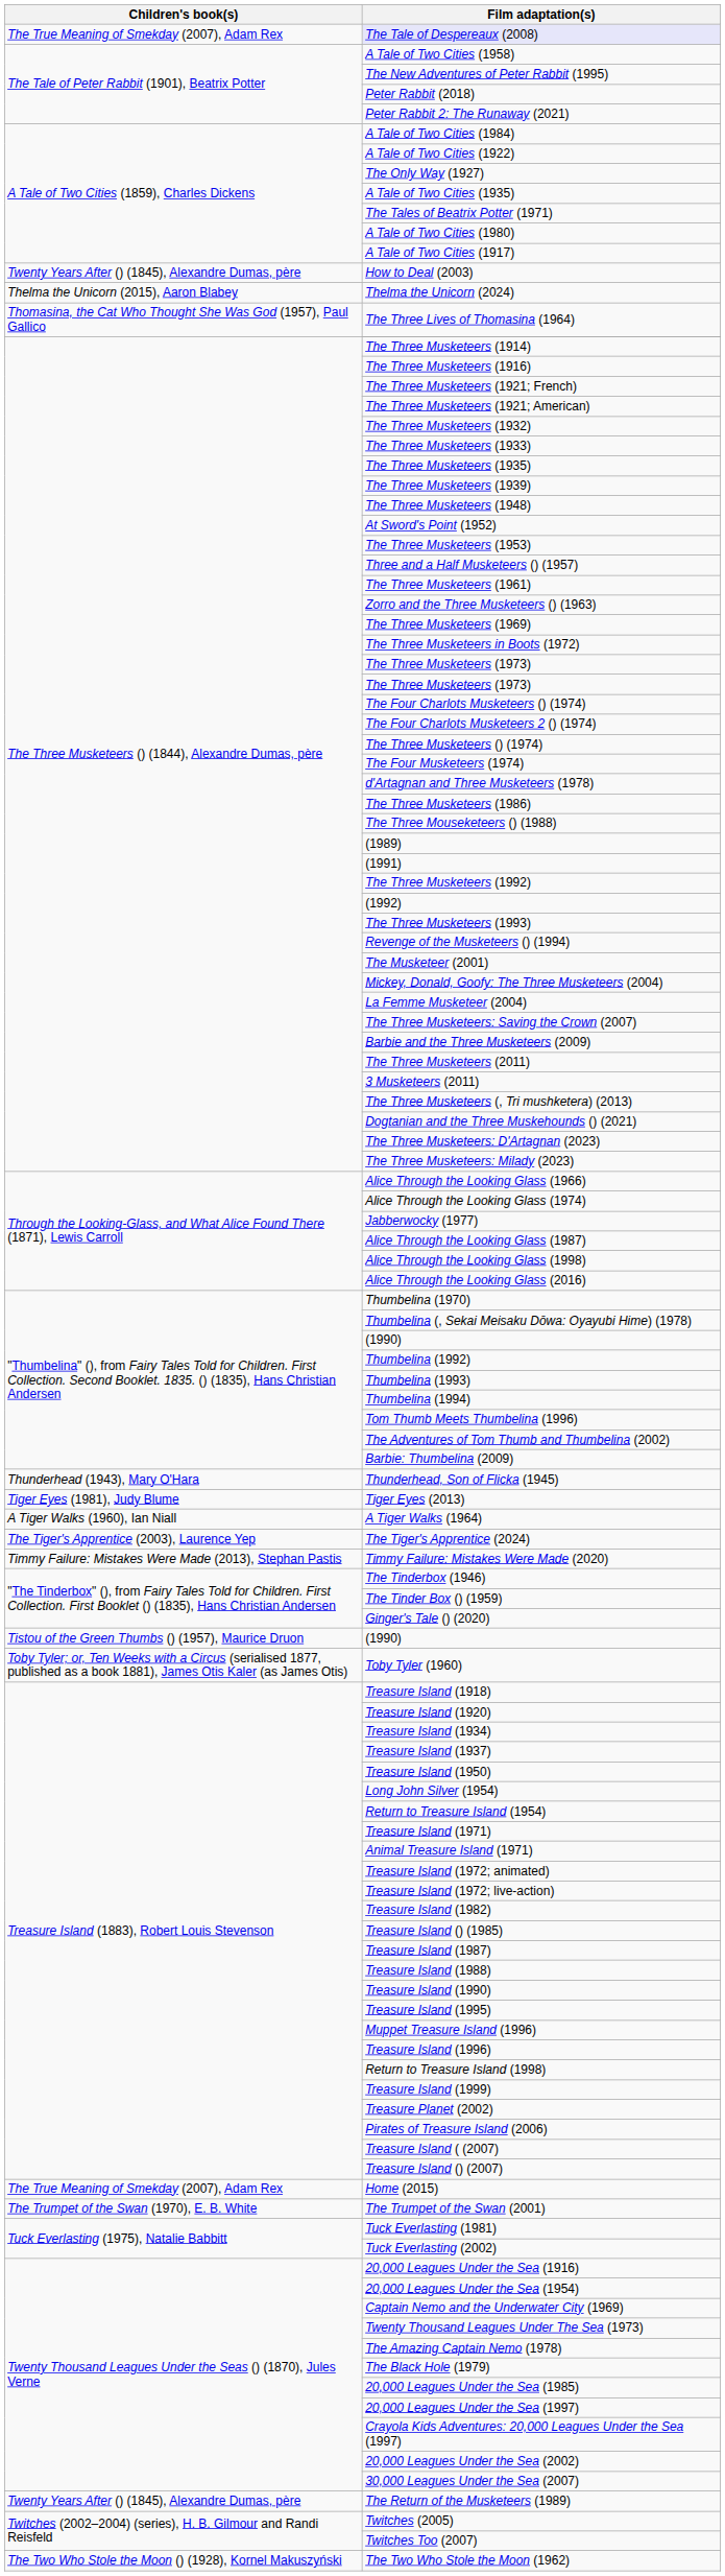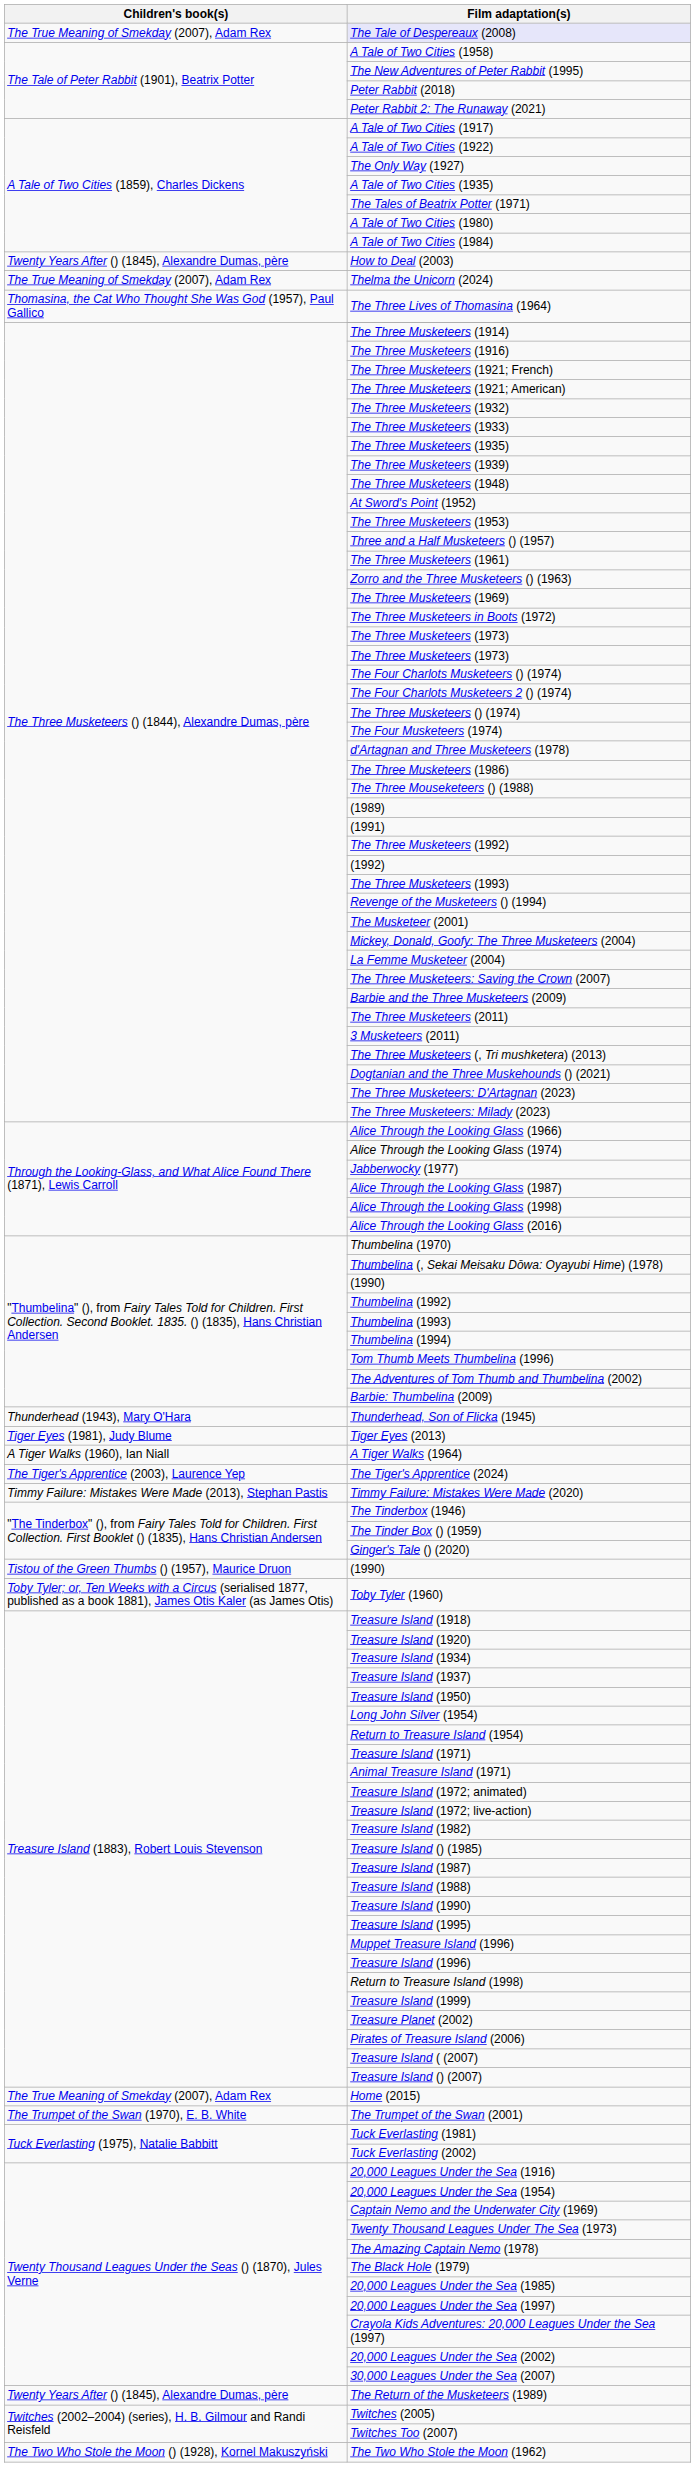 <table class="wikitable">
 <tr>
 <th width="450">Children's book(s)</th>
 <th width="450">Film adaptation(s)</th>
 </tr>
 <tr>
 <td><em><a href='#'>The True Meaning of Smekday</a></em> (2007), <a href='#'>Adam Rex</a></td>
 <td style="background: lavender;"><em><a href='#'>The Tale of Despereaux</a></em> (2008)</td>
 </tr>
 <tr>
 <td rowspan="4"><em><a href='#'>The Tale of Peter Rabbit</a></em> (1901), <a href='#'>Beatrix Potter</a></td>
 <td><em><a href='#'>A Tale of Two Cities</a></em> (1958)</td>
 </tr>
 <tr>
 <td><em><a href='#'>The New Adventures of Peter Rabbit</a></em> (1995)</td>
 </tr>
 <tr>
 <td><em><a href='#'>Peter Rabbit</a></em> (2018)</td>
 </tr>
 <tr>
 <td><em><a href='#'>Peter Rabbit 2: The Runaway</a></em> (2021)</td>
 </tr>
 <tr>
 <td rowspan="7"><em><a href='#'>A Tale of Two Cities</a></em> (1859), <a href='#'>Charles Dickens</a></td>
-<td><em><a href='#'>A Tale of Two Cities</a></em> (1984)</td>
+<td><em><a href='#'>A Tale of Two Cities</a></em> (1917)</td>
 </tr>
 <tr>
 <td><em><a href='#'>A Tale of Two Cities</a></em> (1922)</td>
 </tr>
 <tr>
 <td><em><a href='#'>The Only Way</a></em> (1927)</td>
 </tr>
 <tr>
 <td><em><a href='#'>A Tale of Two Cities</a></em> (1935)</td>
 </tr>
 <tr>
 <td><em><a href='#'>The Tales of Beatrix Potter</a></em> (1971)</td>
 </tr>
 <tr>
 <td><em><a href='#'>A Tale of Two Cities</a></em> (1980)</td>
 </tr>
 <tr>
-<td><em><a href='#'>A Tale of Two Cities</a></em> (1917)</td>
+<td><em><a href='#'>A Tale of Two Cities</a></em> (1984)</td>
 </tr>
 <tr>
 <td><em><a href='#'>Twenty Years After</a></em> () (1845), <a href='#'>Alexandre Dumas, père</a></td>
 <td><em><a href='#'>How to Deal</a></em> (2003)</td>
 </tr>
 <tr>
-<td><em>Thelma the Unicorn</em> (2015), <a href='#'>Aaron Blabey</a></td>
+<td><em><a href='#'>The True Meaning of Smekday</a></em> (2007), <a href='#'>Adam Rex</a></td>
 <td><em><a href='#'>Thelma the Unicorn</a></em> (2024)</td>
 </tr>
 <tr>
 <td><em><a href='#'>Thomasina, the Cat Who Thought She Was God</a></em> (1957), <a href='#'>Paul Gallico</a></td>
 <td><em><a href='#'>The Three Lives of Thomasina</a></em> (1964)</td>
 </tr>
 <tr>
 <td rowspan="43"><em><a href='#'>The Three Musketeers</a></em> () (1844), <a href='#'>Alexandre Dumas, père</a></td>
 </tr>
 <tr>
 <td><em><a href='#'>The Three Musketeers</a></em> (1914)</td>
 </tr>
 <tr>
 <td><em><a href='#'>The Three Musketeers</a></em> (1916)</td>
 </tr>
 <tr>
 <td><em><a href='#'>The Three Musketeers</a></em> (1921; French)</td>
 </tr>
 <tr>
 <td><em><a href='#'>The Three Musketeers</a></em> (1921; American)</td>
 </tr>
 <tr>
 <td><em><a href='#'>The Three Musketeers</a></em> (1932)</td>
 </tr>
 <tr>
 <td><em><a href='#'>The Three Musketeers</a></em> (1933)</td>
 </tr>
 <tr>
 <td><em><a href='#'>The Three Musketeers</a></em> (1935)</td>
 </tr>
 <tr>
 <td><em><a href='#'>The Three Musketeers</a></em> (1939)</td>
 </tr>
 <tr>
 <td><em><a href='#'>The Three Musketeers</a></em> (1948)</td>
 </tr>
 <tr>
 <td><em><a href='#'>At Sword's Point</a></em> (1952)</td>
 </tr>
 <tr>
 <td><em><a href='#'>The Three Musketeers</a></em> (1953)</td>
 </tr>
 <tr>
 <td><em><a href='#'>Three and a Half Musketeers</a></em> () (1957)</td>
 </tr>
 <tr>
 <td><em><a href='#'>The Three Musketeers</a></em> (1961)</td>
 </tr>
 <tr>
 <td><em><a href='#'>Zorro and the Three Musketeers</a></em> () (1963)</td>
 </tr>
 <tr>
 <td><em><a href='#'>The Three Musketeers</a></em> (1969)</td>
 </tr>
 <tr>
 <td><em><a href='#'>The Three Musketeers in Boots</a></em> (1972)</td>
 </tr>
 <tr>
 <td><em><a href='#'>The Three Musketeers</a></em> (1973)</td>
 </tr>
 <tr>
 <td><em><a href='#'>The Three Musketeers</a></em> (1973)</td>
 </tr>
 <tr>
 <td><em><a href='#'>The Four Charlots Musketeers</a></em> () (1974)</td>
 </tr>
 <tr>
 <td><em><a href='#'>The Four Charlots Musketeers 2</a></em> () (1974)</td>
 </tr>
 <tr>
 <td><em><a href='#'>The Three Musketeers</a></em> () (1974)</td>
 </tr>
 <tr>
 <td><em><a href='#'>The Four Musketeers</a></em> (1974)</td>
 </tr>
 <tr>
 <td><em><a href='#'>d'Artagnan and Three Musketeers</a></em> (1978)</td>
 </tr>
 <tr>
 <td><em><a href='#'>The Three Musketeers</a></em> (1986)</td>
 </tr>
 <tr>
 <td><em><a href='#'>The Three Mouseketeers</a></em> () (1988)</td>
 </tr>
 <tr>
 <td> (1989)</td>
 </tr>
 <tr>
 <td> (1991)</td>
 </tr>
 <tr>
 <td><em><a href='#'>The Three Musketeers</a></em> (1992)</td>
 </tr>
 <tr>
 <td><em></em> (1992)</td>
 </tr>
 <tr>
 <td><em><a href='#'>The Three Musketeers</a></em> (1993)</td>
 </tr>
 <tr>
 <td><em><a href='#'>Revenge of the Musketeers</a></em> () (1994)</td>
 </tr>
 <tr>
 <td><em><a href='#'>The Musketeer</a></em> (2001)</td>
 </tr>
 <tr>
 <td><em><a href='#'>Mickey, Donald, Goofy: The Three Musketeers</a></em> (2004)</td>
 </tr>
 <tr>
 <td><em><a href='#'>La Femme Musketeer</a></em> (2004)</td>
 </tr>
 <tr>
 <td><em><a href='#'>The Three Musketeers: Saving the Crown</a></em> (2007)</td>
 </tr>
 <tr>
 <td><em><a href='#'>Barbie and the Three Musketeers</a></em> (2009)</td>
 </tr>
 <tr>
 <td><em><a href='#'>The Three Musketeers</a></em> (2011)</td>
 </tr>
 <tr>
 <td><em><a href='#'>3 Musketeers</a></em> (2011)</td>
 </tr>
 <tr>
 <td><em><a href='#'>The Three Musketeers</a></em> (, <em>Tri mushketera</em>) (2013)</td>
 </tr>
 <tr>
 <td><em><a href='#'>Dogtanian and the Three Muskehounds</a></em> () (2021)</td>
 </tr>
 <tr>
 <td><em><a href='#'>The Three Musketeers: D'Artagnan</a></em> (2023)</td>
 </tr>
 <tr>
 <td><em><a href='#'>The Three Musketeers: Milady</a></em> (2023)</td>
 </tr>
 <tr>
 <td rowspan="6"><em><a href='#'>Through the Looking-Glass, and What Alice Found There</a></em> (1871), <a href='#'>Lewis Carroll</a></td>
 <td><em><a href='#'>Alice Through the Looking Glass</a></em> (1966)</td>
 </tr>
 <tr>
 <td><em>Alice Through the Looking Glass</em> (1974)</td>
 </tr>
 <tr>
 <td><em><a href='#'>Jabberwocky</a></em> (1977)</td>
 </tr>
 <tr>
 <td><em><a href='#'>Alice Through the Looking Glass</a></em> (1987)</td>
 </tr>
 <tr>
 <td><em><a href='#'>Alice Through the Looking Glass</a></em> (1998)</td>
 </tr>
 <tr>
 <td><em><a href='#'>Alice Through the Looking Glass</a></em> (2016)</td>
 </tr>
 <tr>
 <td rowspan="9">"<a href='#'>Thumbelina</a>" (), from <em>Fairy Tales Told for Children. First Collection. Second Booklet. 1835.</em> () (1835), <a href='#'>Hans Christian Andersen</a></td>
 <td><em>Thumbelina</em> (1970)</td>
 </tr>
 <tr>
 <td><em><a href='#'>Thumbelina</a></em> (, <em>Sekai Meisaku Dōwa: Oyayubi Hime</em>) (1978)</td>
 </tr>
 <tr>
 <td> (1990)</td>
 </tr>
 <tr>
 <td><em><a href='#'>Thumbelina</a></em> (1992)</td>
 </tr>
 <tr>
 <td><em><a href='#'>Thumbelina</a></em> (1993)</td>
 </tr>
 <tr>
 <td><em><a href='#'>Thumbelina</a></em> (1994)</td>
 </tr>
 <tr>
 <td><em><a href='#'>Tom Thumb Meets Thumbelina</a></em> (1996)</td>
 </tr>
 <tr>
 <td><em><a href='#'>The Adventures of Tom Thumb and Thumbelina</a></em> (2002)</td>
 </tr>
 <tr>
 <td><em><a href='#'>Barbie: Thumbelina</a></em> (2009)</td>
 </tr>
 <tr>
 <td><em>Thunderhead</em> (1943), <a href='#'>Mary O'Hara</a></td>
 <td><em><a href='#'>Thunderhead, Son of Flicka</a></em> (1945)</td>
 </tr>
 <tr>
 <td><em><a href='#'>Tiger Eyes</a></em> (1981), <a href='#'>Judy Blume</a></td>
 <td><em><a href='#'>Tiger Eyes</a></em> (2013)</td>
 </tr>
 <tr>
 <td><em>A Tiger Walks</em> (1960), Ian Niall</td>
 <td><em><a href='#'>A Tiger Walks</a></em> (1964)</td>
 </tr>
 <tr>
 <td><em><a href='#'>The Tiger's Apprentice</a></em> (2003), <a href='#'>Laurence Yep</a></td>
 <td><em><a href='#'>The Tiger's Apprentice</a></em> (2024)</td>
 </tr>
 <tr>
 <td><em>Timmy Failure: Mistakes Were Made</em> (2013), <a href='#'>Stephan Pastis</a></td>
 <td><em><a href='#'>Timmy Failure: Mistakes Were Made</a></em> (2020)</td>
 </tr>
 <tr>
 <td rowspan="3">"<a href='#'>The Tinderbox</a>" (), from <em>Fairy Tales Told for Children. First Collection. First Booklet</em> () (1835), <a href='#'>Hans Christian Andersen</a></td>
 <td><em><a href='#'>The Tinderbox</a></em> (1946)</td>
 </tr>
 <tr>
 <td><em><a href='#'>The Tinder Box</a></em> () (1959)</td>
 </tr>
 <tr>
 <td><em><a href='#'>Ginger's Tale</a></em> () (2020)</td>
 </tr>
 <tr>
 <td><em><a href='#'>Tistou of the Green Thumbs</a></em> () (1957), <a href='#'>Maurice Druon</a></td>
 <td> (1990)</td>
 </tr>
 <tr>
 <td><em><a href='#'>Toby Tyler; or, Ten Weeks with a Circus</a></em> (serialised 1877, published as a book 1881), <a href='#'>James Otis Kaler</a> (as James Otis)</td>
 <td><em><a href='#'>Toby Tyler</a></em> (1960)</td>
 </tr>
 <tr>
 <td rowspan="25"><em><a href='#'>Treasure Island</a></em> (1883), <a href='#'>Robert Louis Stevenson</a></td>
 <td><em><a href='#'>Treasure Island</a></em> (1918)</td>
 </tr>
 <tr>
 <td><em><a href='#'>Treasure Island</a></em> (1920)</td>
 </tr>
 <tr>
 <td><em><a href='#'>Treasure Island</a></em> (1934)</td>
 </tr>
 <tr>
 <td><em><a href='#'>Treasure Island</a></em> (1937)</td>
 </tr>
 <tr>
 <td><em><a href='#'>Treasure Island</a></em> (1950)</td>
 </tr>
 <tr>
 <td><em><a href='#'>Long John Silver</a></em> (1954)</td>
 </tr>
 <tr>
 <td><em><a href='#'>Return to Treasure Island</a></em> (1954)</td>
 </tr>
 <tr>
 <td><em><a href='#'>Treasure Island</a></em> (1971)</td>
 </tr>
 <tr>
 <td><em><a href='#'>Animal Treasure Island</a></em> (1971)</td>
 </tr>
 <tr>
 <td><em><a href='#'>Treasure Island</a></em> (1972; animated)</td>
 </tr>
 <tr>
 <td><em><a href='#'>Treasure Island</a></em> (1972; live-action)</td>
 </tr>
 <tr>
 <td><em><a href='#'>Treasure Island</a></em> (1982)</td>
 </tr>
 <tr>
 <td><em><a href='#'>Treasure Island</a></em> () (1985)</td>
 </tr>
 <tr>
 <td><em><a href='#'>Treasure Island</a></em> (1987)</td>
 </tr>
 <tr>
 <td><em><a href='#'>Treasure Island</a></em> (1988)</td>
 </tr>
 <tr>
 <td><em><a href='#'>Treasure Island</a></em> (1990)</td>
 </tr>
 <tr>
 <td><em><a href='#'>Treasure Island</a></em> (1995)</td>
 </tr>
 <tr>
 <td><em><a href='#'>Muppet Treasure Island</a></em> (1996)</td>
 </tr>
 <tr>
 <td><em><a href='#'>Treasure Island</a></em> (1996)</td>
 </tr>
 <tr>
 <td><em>Return to Treasure Island</em> (1998)</td>
 </tr>
 <tr>
 <td><em><a href='#'>Treasure Island</a></em> (1999)</td>
 </tr>
 <tr>
 <td><em><a href='#'>Treasure Planet</a></em> (2002)</td>
 </tr>
 <tr>
 <td><em><a href='#'>Pirates of Treasure Island</a></em> (2006)</td>
 </tr>
 <tr>
 <td><em><a href='#'>Treasure Island</a></em> ( (2007)</td>
 </tr>
 <tr>
 <td><em><a href='#'>Treasure Island</a></em> () (2007)</td>
 </tr>
 <tr>
 <td><em><a href='#'>The True Meaning of Smekday</a></em> (2007), <a href='#'>Adam Rex</a></td>
 <td><em><a href='#'>Home</a></em> (2015)</td>
 </tr>
 <tr>
 <td><em><a href='#'>The Trumpet of the Swan</a></em> (1970), <a href='#'>E. B. White</a></td>
 <td><em><a href='#'>The Trumpet of the Swan</a></em> (2001)</td>
 </tr>
 <tr>
 <td rowspan="2"><em><a href='#'>Tuck Everlasting</a></em> (1975), <a href='#'>Natalie Babbitt</a></td>
 <td><em><a href='#'>Tuck Everlasting</a></em> (1981)</td>
 </tr>
 <tr>
 <td><em><a href='#'>Tuck Everlasting</a></em> (2002)</td>
 </tr>
 <tr>
 <td rowspan="11"><em><a href='#'>Twenty Thousand Leagues Under the Seas</a></em> () (1870), <a href='#'>Jules Verne</a></td>
 <td><em><a href='#'>20,000 Leagues Under the Sea</a></em> (1916)</td>
 </tr>
 <tr>
 <td><em><a href='#'>20,000 Leagues Under the Sea</a></em> (1954)</td>
 </tr>
 <tr>
 <td><em><a href='#'>Captain Nemo and the Underwater City</a></em> (1969)</td>
 </tr>
 <tr>
 <td><em><a href='#'>Twenty Thousand Leagues Under The Sea</a></em> (1973)</td>
 </tr>
 <tr>
 <td><em><a href='#'>The Amazing Captain Nemo</a></em> (1978)</td>
 </tr>
 <tr>
 <td><em><a href='#'>The Black Hole</a></em> (1979)</td>
 </tr>
 <tr>
 <td><em><a href='#'>20,000 Leagues Under the Sea</a></em> (1985)</td>
 </tr>
 <tr>
 <td><em><a href='#'>20,000 Leagues Under the Sea</a></em> (1997)</td>
 </tr>
 <tr>
 <td><em><a href='#'>Crayola Kids Adventures: 20,000 Leagues Under the Sea</a></em> (1997)</td>
 </tr>
 <tr>
 <td><em><a href='#'>20,000 Leagues Under the Sea</a></em> (2002)</td>
 </tr>
 <tr>
 <td><em><a href='#'>30,000 Leagues Under the Sea</a></em> (2007)</td>
 </tr>
 <tr>
 <td><em><a href='#'>Twenty Years After</a></em> () (1845), <a href='#'>Alexandre Dumas, père</a></td>
 <td><em><a href='#'>The Return of the Musketeers</a></em> (1989)</td>
 </tr>
 <tr>
 <td rowspan="2"><em><a href='#'>Twitches</a></em> (2002–2004) (series), <a href='#'>H. B. Gilmour</a> and Randi Reisfeld</td>
 <td><em><a href='#'>Twitches</a></em> (2005)</td>
 </tr>
 <tr>
 <td><em><a href='#'>Twitches Too</a></em> (2007)</td>
 </tr>
 <tr>
 <td><em><a href='#'>The Two Who Stole the Moon</a></em> () (1928), <a href='#'>Kornel Makuszyński</a></td>
 <td><em><a href='#'>The Two Who Stole the Moon</a></em> (1962)</td>
 </tr>
 </table>
